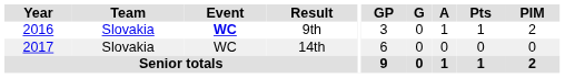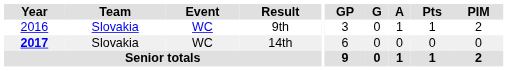 <table border="0" cellpadding="1" cellspacing="0" ID="Table3" style="text-align:center; width:40em">
 <tr ALIGN="center" bgcolor="#e0e0e0">
 <th>Year</th>
 <th>Team</th>
 <th>Event</th>
 <th>Result</th>
 <th rowspan="99" bgcolor="#ffffff"></th>
 <th>GP</th>
 <th>G</th>
 <th>A</th>
 <th>Pts</th>
 <th>PIM</th>
 </tr>
 <tr>
 <td><a href='#'>2016</a></td>
 <td><a href='#'>Slovakia</a></td>
-<td><strong><a href='#'>WC</a></strong></td>
+<td><a href='#'>WC</a></td>
 <td>9th</td>
 <td>3</td>
 <td>0</td>
 <td>1</td>
 <td>1</td>
 <td>2</td>
 </tr>
 <tr bgcolor="#f0f0f0">
-<td><a href='#'>2017</a></td>
+<td><strong><a href='#'>2017</a></strong></td>
 <td>Slovakia</td>
 <td>WC</td>
 <td>14th</td>
 <td>6</td>
 <td>0</td>
 <td>0</td>
 <td>0</td>
 <td>0</td>
 </tr>
 <tr bgcolor="#e0e0e0">
 <th colspan="4">Senior totals</th>
 <th>9</th>
 <th>0</th>
 <th>1</th>
 <th>1</th>
 <th>2</th>
 </tr>
 </table>
